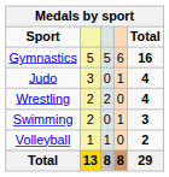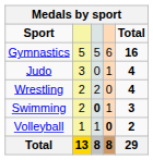 <table class=wikitable style="font-size:95%; float:right">
 <tr bgcolor=efefef>
 <th colspan=7><strong>Medals by sport</strong></th>
 </tr>
 <tr align=center>
 <td><strong>Sport</strong></td>
 <td bgcolor=f7f6a8></td>
 <td bgcolor=dce5e5></td>
 <td bgcolor=ffdab9></td>
 <td><strong>Total</strong></td>
 </tr>
 <tr align=center>
 <td><a href='#'>Gymnastics</a></td>
 <td style="background:#F7F6A8;">5</td>
 <td style="background:#DCE5E5;">5</td>
 <td style="background:#FFDAB9;">6</td>
 <td><strong>16</strong></td>
 </tr>
 <tr align=center>
 <td><a href='#'>Judo</a></td>
 <td style="background:#F7F6A8;">3</td>
 <td style="background:#DCE5E5;">0</td>
 <td style="background:#FFDAB9;">1</td>
 <td><strong>4</strong></td>
 </tr>
 <tr align=center>
 <td><a href='#'>Wrestling</a></td>
 <td style="background:#F7F6A8;">2</td>
 <td style="background:#DCE5E5;">2</td>
 <td style="background:#FFDAB9;">0</td>
 <td><strong>4</strong></td>
 </tr>
 <tr align=center>
 <td><a href='#'>Swimming</a></td>
 <td style="background:#F7F6A8;">2</td>
-<td style="background:#DCE5E5;">0</td>
+<td style="background:#DCE5E5;"><strong>0</strong></td>
 <td style="background:#FFDAB9;">1</td>
 <td><strong>3</strong></td>
 </tr>
 <tr align=center>
 <td><a href='#'>Volleyball</a></td>
 <td style="background:#F7F6A8;">1</td>
 <td style="background:#DCE5E5;">1</td>
-<td style="background:#FFDAB9;">0</td>
+<td style="background:#FFDAB9;"><strong>0</strong></td>
 <td><strong>2</strong></td>
 </tr>
 <tr align=center>
 <th>Total</th>
 <th style="background:gold">13</th>
 <th style="background:silver">8</th>
 <th style="background:#c96">8</th>
 <th>29</th>
 </tr>
 </table>
